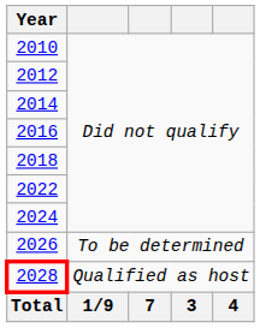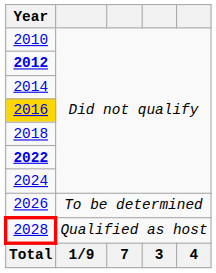 <table class="wikitable" style="text-align:center">
 <tr>
 <th>Year</th>
 <th></th>
 <th width=25></th>
 <th width=25></th>
 <th width=25></th>
 </tr>
 <tr>
 <td> <a href='#'>2010</a></td>
 <td rowspan=7 colspan=4><em>Did not qualify</em></td>
 </tr>
 <tr>
-<td> <a href='#'>2012</a></td>
+<td><strong> <a href='#'>2012</a></strong></td>
 </tr>
 <tr>
 <td> <a href='#'>2014</a></td>
 </tr>
 <tr>
-<td> <a href='#'>2016</a></td>
+<td style="background: gold;"> <a href='#'>2016</a></td>
 </tr>
 <tr>
 <td> <a href='#'>2018</a></td>
 </tr>
 <tr>
-<td> <a href='#'>2022</a></td>
+<td><strong> <a href='#'>2022</a></strong></td>
 </tr>
 <tr>
 <td> <a href='#'>2024</a></td>
 </tr>
 <tr>
 <td> <a href='#'>2026</a></td>
 <td colspan=4><em>To be determined</em></td>
 </tr>
 <tr>
 <td style="border: 3px solid red"> <a href='#'>2028</a></td>
 <td colspan=4><em>Qualified as host</em></td>
 </tr>
 <tr>
 <th>Total</th>
 <th>1/9</th>
 <th>7</th>
 <th>3</th>
 <th>4</th>
 </tr>
 </table>
